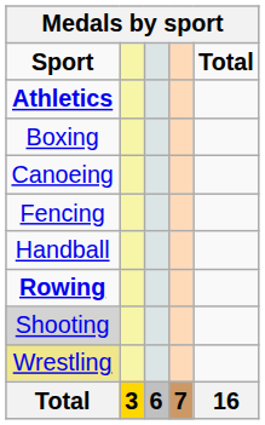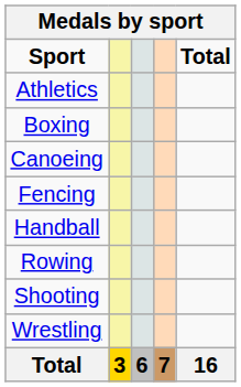 <table class="wikitable" style="font-size:85%; float: right;">
 <tr style="background:#efefef;">
 <th colspan=5><strong>Medals by sport</strong></th>
 </tr>
 <tr align=center>
 <td><strong>Sport</strong></td>
 <td bgcolor=#f7f6a8></td>
 <td bgcolor=#dce5e5></td>
 <td bgcolor=#ffdab9></td>
 <td><strong>Total</strong></td>
 </tr>
 <tr align=center>
-<td><strong><a href='#'>Athletics</a></strong></td>
+<td><a href='#'>Athletics</a></td>
 <td style="background:#F7F6A8;"></td>
 <td style="background:#DCE5E5;"></td>
 <td style="background:#FFDAB9;"></td>
 <td></td>
 </tr>
 <tr align=center>
 <td><a href='#'>Boxing</a></td>
 <td style="background:#F7F6A8;"></td>
 <td style="background:#DCE5E5;"></td>
 <td style="background:#FFDAB9;"></td>
 <td></td>
 </tr>
 <tr align=center>
 <td><a href='#'>Canoeing</a></td>
 <td style="background:#F7F6A8;"></td>
 <td style="background:#DCE5E5;"></td>
 <td style="background:#FFDAB9;"></td>
 <td></td>
 </tr>
 <tr align=center>
 <td><a href='#'>Fencing</a></td>
 <td style="background:#F7F6A8;"></td>
 <td style="background:#DCE5E5;"></td>
 <td style="background:#FFDAB9;"></td>
 <td></td>
 </tr>
 <tr align=center>
 <td><a href='#'>Handball</a></td>
 <td style="background:#F7F6A8;"></td>
 <td style="background:#DCE5E5;"></td>
 <td style="background:#FFDAB9;"></td>
 <td></td>
 </tr>
 <tr align=center>
-<td><strong><a href='#'>Rowing</a></strong></td>
+<td><a href='#'>Rowing</a></td>
 <td style="background:#F7F6A8;"></td>
 <td style="background:#DCE5E5;"></td>
 <td style="background:#FFDAB9;"></td>
 <td></td>
 </tr>
 <tr align=center>
-<td style="background: lightgrey;"><a href='#'>Shooting</a></td>
+<td><a href='#'>Shooting</a></td>
 <td style="background:#F7F6A8;"></td>
 <td style="background:#DCE5E5;"></td>
 <td style="background:#FFDAB9;"></td>
 <td></td>
 </tr>
 <tr align=center>
-<td style="background: khaki;"><a href='#'>Wrestling</a></td>
+<td><a href='#'>Wrestling</a></td>
 <td style="background:#F7F6A8;"></td>
 <td style="background:#DCE5E5;"></td>
 <td style="background:#FFDAB9;"></td>
 <td></td>
 </tr>
 <tr align=center>
 <th><strong>Total</strong></th>
 <th style="background:gold;"><strong>3</strong></th>
 <th style="background:silver;"><strong>6</strong></th>
 <th style="background:#c96;"><strong>7</strong></th>
 <th><strong>16</strong></th>
 </tr>
 </table>
